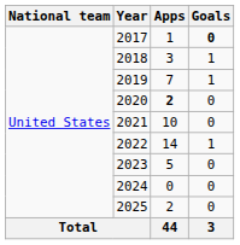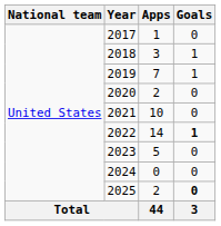 <table class="wikitable" style="text-align:center">
 <tr>
 <th>National team</th>
 <th>Year</th>
 <th>Apps</th>
 <th>Goals</th>
 </tr>
 <tr>
 <td rowspan="9"><a href='#'>United States</a></td>
 <td>2017</td>
 <td>1</td>
-<td><strong>0</strong></td>
+<td>0</td>
 </tr>
 <tr>
 <td>2018</td>
 <td>3</td>
 <td>1</td>
 </tr>
 <tr>
 <td>2019</td>
 <td>7</td>
 <td>1</td>
 </tr>
 <tr>
 <td>2020</td>
-<td><strong>2</strong></td>
+<td>2</td>
 <td>0</td>
 </tr>
 <tr>
 <td>2021</td>
 <td>10</td>
 <td>0</td>
 </tr>
 <tr>
 <td>2022</td>
 <td>14</td>
-<td>1</td>
+<td><strong>1</strong></td>
 </tr>
 <tr>
 <td>2023</td>
 <td>5</td>
 <td>0</td>
 </tr>
 <tr>
 <td>2024</td>
 <td>0</td>
 <td>0</td>
 </tr>
 <tr>
 <td>2025</td>
 <td>2</td>
-<td>0</td>
+<td><strong>0</strong></td>
 </tr>
 <tr>
 <th colspan="2">Total</th>
 <th>44</th>
 <th>3</th>
 </tr>
 </table>
